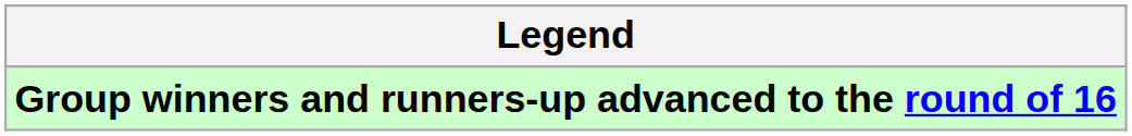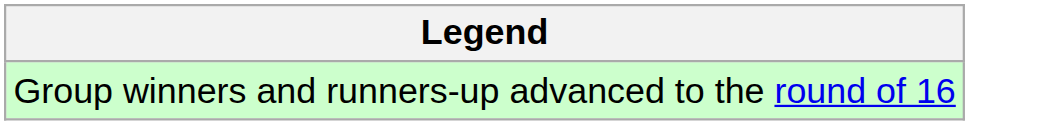 <table class="wikitable">
 <tr>
 <th>Legend</th>
 </tr>
 <tr style="background:#cfc;">
-<td><strong>Group winners and runners-up advanced to the <a href='#'>round of 16</a></strong></td>
+<td>Group winners and runners-up advanced to the <a href='#'>round of 16</a></td>
 </tr>
 </table>
